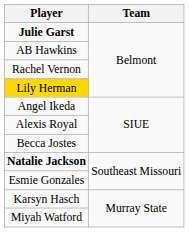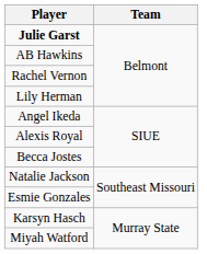 <table class="wikitable" style="text-align: center;">
 <tr>
 <th>Player</th>
 <th>Team</th>
 </tr>
 <tr>
 <td><strong>Julie Garst</strong></td>
 <td rowspan=4>Belmont</td>
 </tr>
 <tr>
 <td>AB Hawkins</td>
 </tr>
 <tr>
 <td>Rachel Vernon</td>
 </tr>
 <tr>
-<td style="background: gold;">Lily Herman</td>
+<td>Lily Herman</td>
 </tr>
 <tr>
 <td>Angel Ikeda</td>
 <td rowspan=3>SIUE</td>
 </tr>
 <tr>
 <td>Alexis Royal</td>
 </tr>
 <tr>
 <td>Becca Jostes</td>
 </tr>
 <tr>
-<td><strong>Natalie Jackson</strong></td>
+<td>Natalie Jackson</td>
 <td rowspan=2>Southeast Missouri</td>
 </tr>
 <tr>
 <td>Esmie Gonzales</td>
 </tr>
 <tr>
 <td>Karsyn Hasch</td>
 <td rowspan=2>Murray State</td>
 </tr>
 <tr>
 <td>Miyah Watford</td>
 </tr>
 </table>
